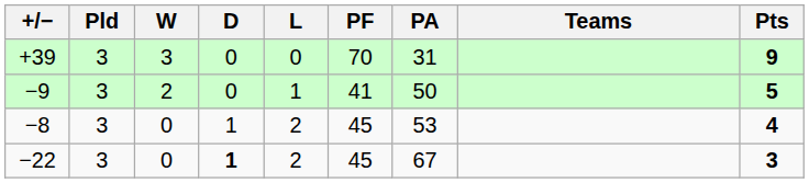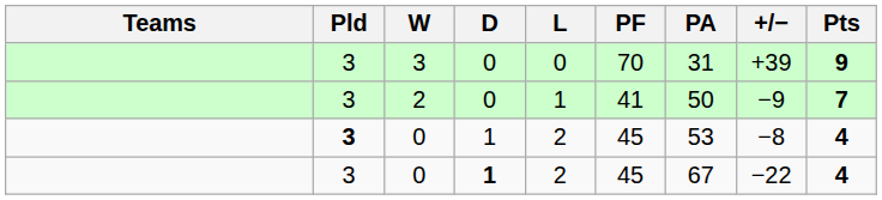 <table class="wikitable" style="text-align: center;">
 <tr>
-<th width="40">+/−</th>
+<th style="width:200px;">Teams</th>
 <th width="40">Pld</th>
 <th width="40">W</th>
 <th width="40">D</th>
 <th width="40">L</th>
 <th width="40">PF</th>
 <th width="40">PA</th>
-<th style="width:200px;">Teams</th>
+<th width="40">+/−</th>
 <th width="40">Pts</th>
 </tr>
 <tr style="background:#cfc;">
-<td>+39</td>
+<td align=left></td>
 <td>3</td>
 <td>3</td>
 <td>0</td>
 <td>0</td>
 <td>70</td>
 <td>31</td>
-<td align=left></td>
+<td>+39</td>
 <td><strong>9</strong></td>
 </tr>
 <tr style="background:#cfc;">
-<td>−9</td>
+<td align=left></td>
 <td>3</td>
 <td>2</td>
 <td>0</td>
 <td>1</td>
 <td>41</td>
 <td>50</td>
-<td align=left></td>
-<td><strong>5</strong></td>
+<td>−9</td>
+<td><strong>7</strong></td>
 </tr>
 <tr>
-<td>−8</td>
-<td>3</td>
+<td align=left></td>
+<td><strong>3</strong></td>
 <td>0</td>
 <td>1</td>
 <td>2</td>
 <td>45</td>
 <td>53</td>
-<td align=left></td>
+<td>−8</td>
 <td><strong>4</strong></td>
 </tr>
 <tr>
-<td>−22</td>
+<td align=left></td>
 <td>3</td>
 <td>0</td>
 <td><strong>1</strong></td>
 <td>2</td>
 <td>45</td>
 <td>67</td>
-<td align=left></td>
-<td><strong>3</strong></td>
+<td>−22</td>
+<td><strong>4</strong></td>
 </tr>
 </table>
